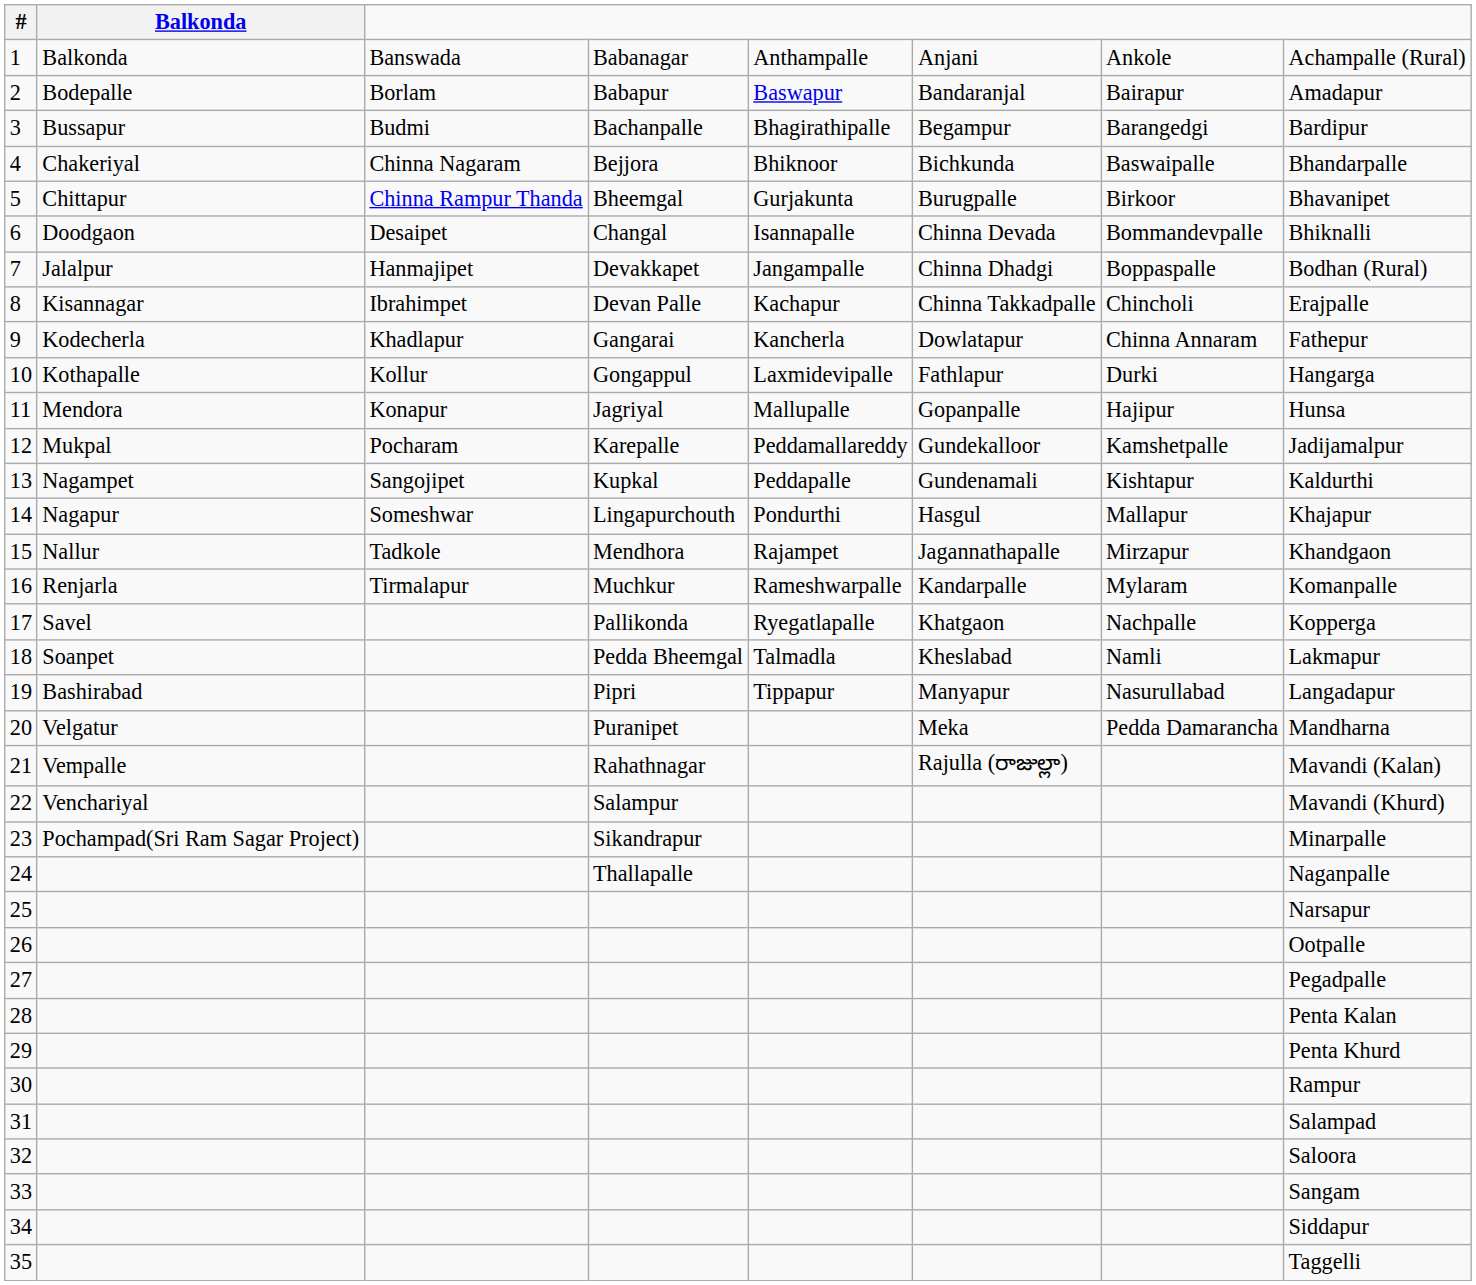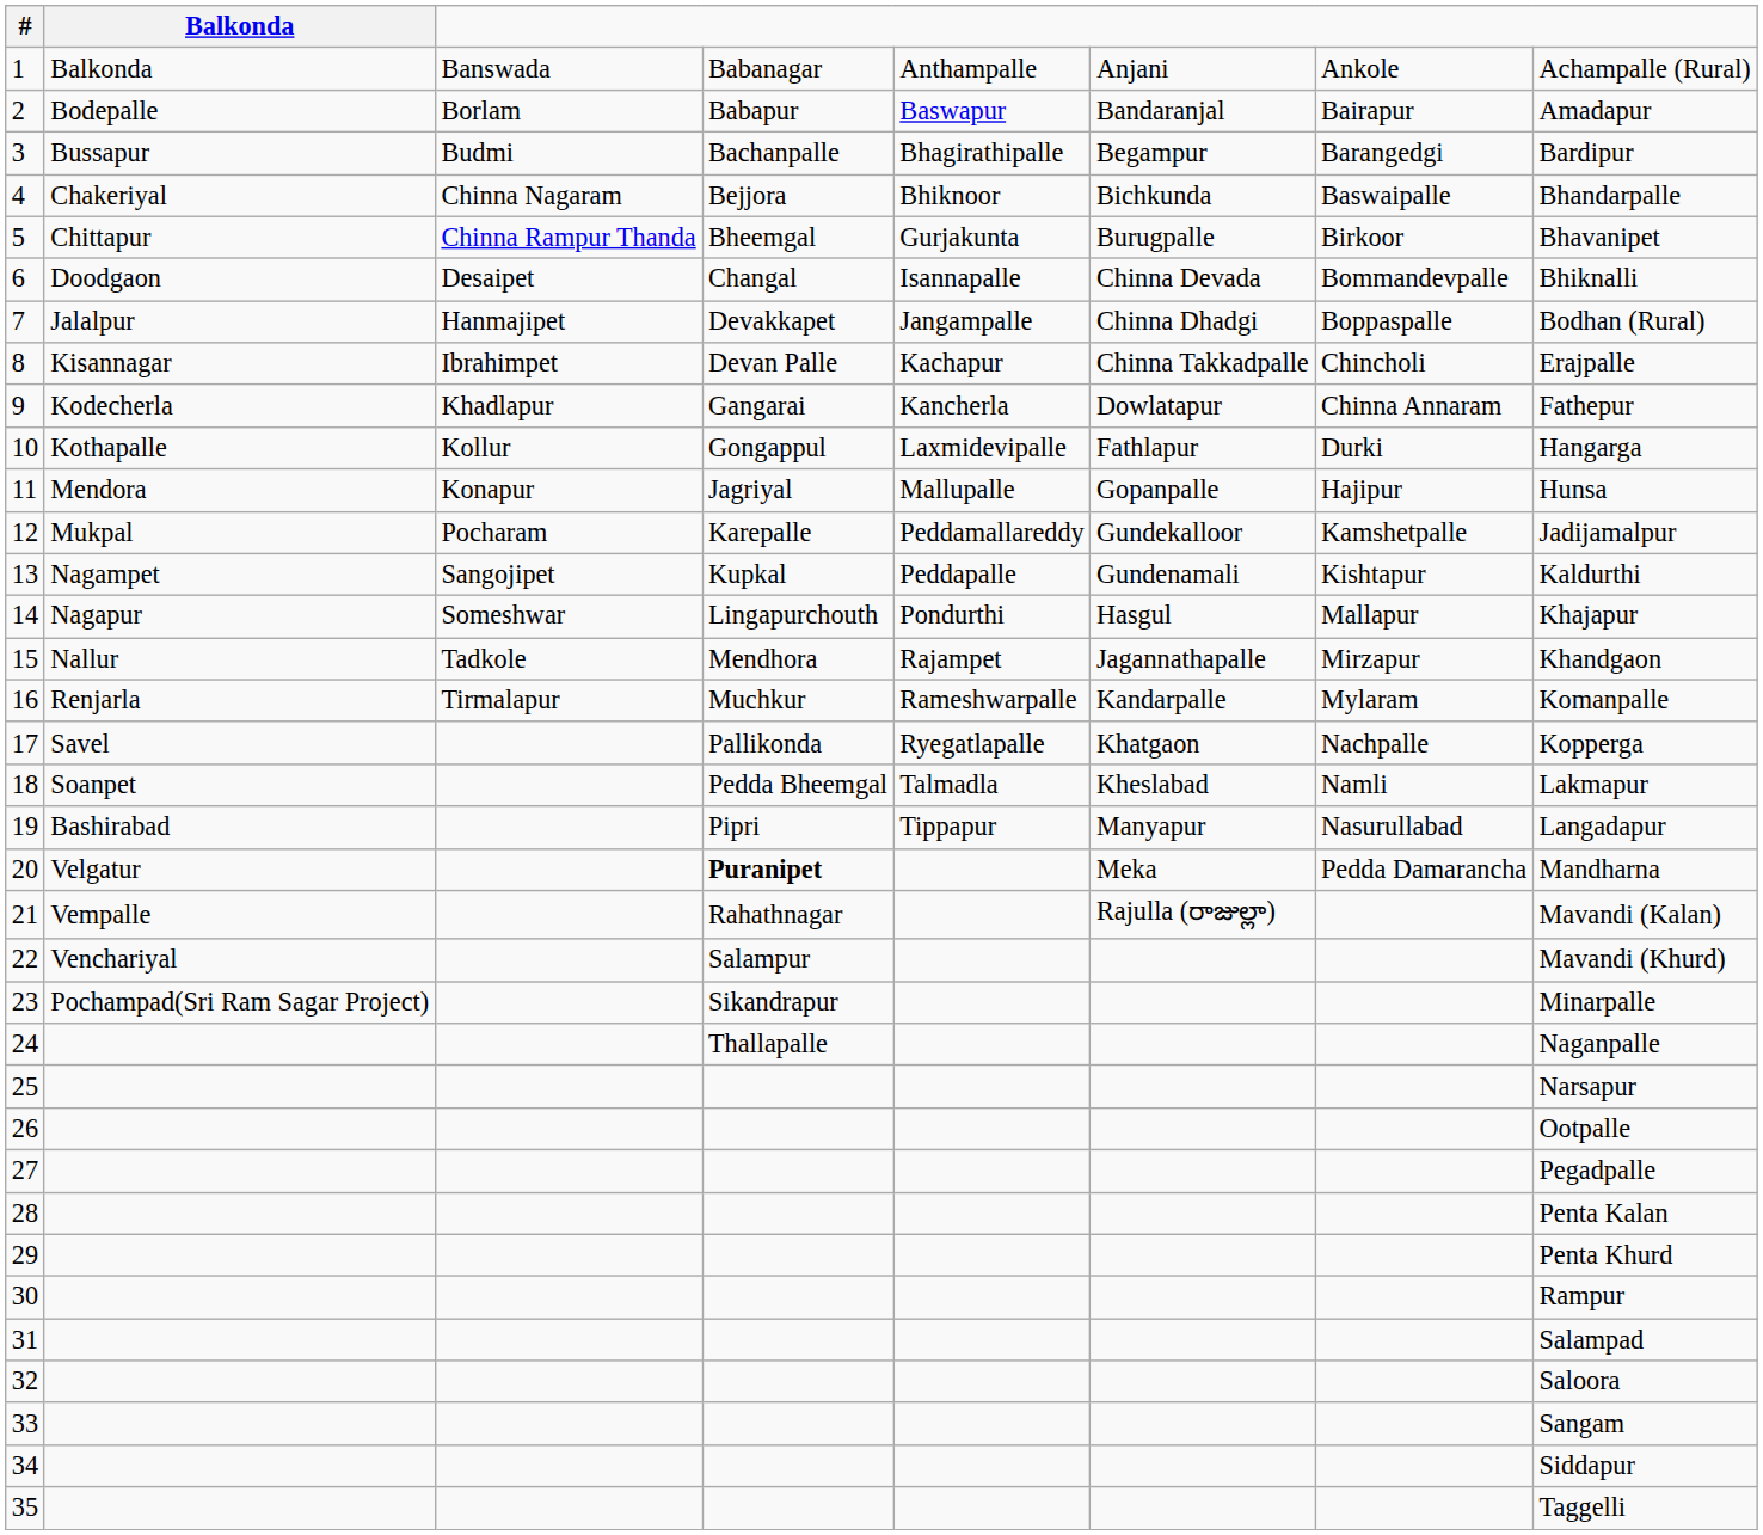 <table class="wikitable">
 <tr>
 <th>#</th>
 <th><a href='#'>Balkonda</a><br></th>
 </tr>
 <tr>
 <td>1</td>
 <td>Balkonda</td>
 <td>Banswada</td>
 <td>Babanagar</td>
 <td>Anthampalle</td>
 <td>Anjani</td>
 <td>Ankole</td>
 <td>Achampalle (Rural)</td>
 </tr>
 <tr>
 <td>2</td>
 <td>Bodepalle</td>
 <td>Borlam</td>
 <td>Babapur</td>
 <td><a href='#'>Baswapur</a></td>
 <td>Bandaranjal</td>
 <td>Bairapur</td>
 <td>Amadapur</td>
 </tr>
 <tr>
 <td>3</td>
 <td>Bussapur</td>
 <td>Budmi</td>
 <td>Bachanpalle</td>
 <td>Bhagirathipalle</td>
 <td>Begampur</td>
 <td>Barangedgi</td>
 <td>Bardipur</td>
 </tr>
 <tr>
 <td>4</td>
 <td>Chakeriyal</td>
 <td>Chinna Nagaram</td>
 <td>Bejjora</td>
 <td>Bhiknoor</td>
 <td>Bichkunda</td>
 <td>Baswaipalle</td>
 <td>Bhandarpalle</td>
 </tr>
 <tr>
 <td>5</td>
 <td>Chittapur</td>
 <td><a href='#'>Chinna Rampur Thanda</a></td>
 <td>Bheemgal</td>
 <td>Gurjakunta</td>
 <td>Burugpalle</td>
 <td>Birkoor</td>
 <td>Bhavanipet</td>
 </tr>
 <tr>
 <td>6</td>
 <td>Doodgaon</td>
 <td>Desaipet</td>
 <td>Changal</td>
 <td>Isannapalle</td>
 <td>Chinna Devada</td>
 <td>Bommandevpalle</td>
 <td>Bhiknalli</td>
 </tr>
 <tr>
 <td>7</td>
 <td>Jalalpur</td>
 <td>Hanmajipet</td>
 <td>Devakkapet</td>
 <td>Jangampalle</td>
 <td>Chinna Dhadgi</td>
 <td>Boppaspalle</td>
 <td>Bodhan (Rural)</td>
 </tr>
 <tr>
 <td>8</td>
 <td>Kisannagar</td>
 <td>Ibrahimpet</td>
 <td>Devan Palle</td>
 <td>Kachapur</td>
 <td>Chinna Takkadpalle</td>
 <td>Chincholi</td>
 <td>Erajpalle</td>
 </tr>
 <tr>
 <td>9</td>
 <td>Kodecherla</td>
 <td>Khadlapur</td>
 <td>Gangarai</td>
 <td>Kancherla</td>
 <td>Dowlatapur</td>
 <td>Chinna Annaram</td>
 <td>Fathepur</td>
 </tr>
 <tr>
 <td>10</td>
 <td>Kothapalle</td>
 <td>Kollur</td>
 <td>Gongappul</td>
 <td>Laxmidevipalle</td>
 <td>Fathlapur</td>
 <td>Durki</td>
 <td>Hangarga</td>
 </tr>
 <tr>
 <td>11</td>
 <td>Mendora</td>
 <td>Konapur</td>
 <td>Jagriyal</td>
 <td>Mallupalle</td>
 <td>Gopanpalle</td>
 <td>Hajipur</td>
 <td>Hunsa</td>
 </tr>
 <tr>
 <td>12</td>
 <td>Mukpal</td>
 <td>Pocharam</td>
 <td>Karepalle</td>
 <td>Peddamallareddy</td>
 <td>Gundekalloor</td>
 <td>Kamshetpalle</td>
 <td>Jadijamalpur</td>
 </tr>
 <tr>
 <td>13</td>
 <td>Nagampet</td>
 <td>Sangojipet</td>
 <td>Kupkal</td>
 <td>Peddapalle</td>
 <td>Gundenamali</td>
 <td>Kishtapur</td>
 <td>Kaldurthi</td>
 </tr>
 <tr>
 <td>14</td>
 <td>Nagapur</td>
 <td>Someshwar</td>
 <td>Lingapurchouth</td>
 <td>Pondurthi</td>
 <td>Hasgul</td>
 <td>Mallapur</td>
 <td>Khajapur</td>
 </tr>
 <tr>
 <td>15</td>
 <td>Nallur</td>
 <td>Tadkole</td>
 <td>Mendhora</td>
 <td>Rajampet</td>
 <td>Jagannathapalle</td>
 <td>Mirzapur</td>
 <td>Khandgaon</td>
 </tr>
 <tr>
 <td>16</td>
 <td>Renjarla</td>
 <td>Tirmalapur</td>
 <td>Muchkur</td>
 <td>Rameshwarpalle</td>
 <td>Kandarpalle</td>
 <td>Mylaram</td>
 <td>Komanpalle</td>
 </tr>
 <tr>
 <td>17</td>
 <td>Savel</td>
 <td></td>
 <td>Pallikonda</td>
 <td>Ryegatlapalle</td>
 <td>Khatgaon</td>
 <td>Nachpalle</td>
 <td>Kopperga</td>
 </tr>
 <tr>
 <td>18</td>
 <td>Soanpet</td>
 <td></td>
 <td>Pedda Bheemgal</td>
 <td>Talmadla</td>
 <td>Kheslabad</td>
 <td>Namli</td>
 <td>Lakmapur</td>
 </tr>
 <tr>
 <td>19</td>
 <td>Bashirabad</td>
 <td></td>
 <td>Pipri</td>
 <td>Tippapur</td>
 <td>Manyapur</td>
 <td>Nasurullabad</td>
 <td>Langadapur</td>
 </tr>
 <tr>
 <td>20</td>
 <td>Velgatur</td>
 <td></td>
-<td>Puranipet</td>
+<td><strong>Puranipet</strong></td>
 <td></td>
 <td>Meka</td>
 <td>Pedda Damarancha</td>
 <td>Mandharna</td>
 </tr>
 <tr>
 <td>21</td>
 <td>Vempalle</td>
 <td></td>
 <td>Rahathnagar</td>
 <td></td>
 <td>Rajulla (రాజుల్లా)</td>
 <td></td>
 <td>Mavandi (Kalan)</td>
 </tr>
 <tr>
 <td>22</td>
 <td>Venchariyal</td>
 <td></td>
 <td>Salampur</td>
 <td></td>
 <td></td>
 <td></td>
 <td>Mavandi (Khurd)</td>
 </tr>
 <tr>
 <td>23</td>
 <td>Pochampad(Sri Ram Sagar Project)</td>
 <td></td>
 <td>Sikandrapur</td>
 <td></td>
 <td></td>
 <td></td>
 <td>Minarpalle</td>
 </tr>
 <tr>
 <td>24</td>
 <td></td>
 <td></td>
 <td>Thallapalle</td>
 <td></td>
 <td></td>
 <td></td>
 <td>Naganpalle</td>
 </tr>
 <tr>
 <td>25</td>
 <td></td>
 <td></td>
 <td></td>
 <td></td>
 <td></td>
 <td></td>
 <td>Narsapur</td>
 </tr>
 <tr>
 <td>26</td>
 <td></td>
 <td></td>
 <td></td>
 <td></td>
 <td></td>
 <td></td>
 <td>Ootpalle</td>
 </tr>
 <tr>
 <td>27</td>
 <td></td>
 <td></td>
 <td></td>
 <td></td>
 <td></td>
 <td></td>
 <td>Pegadpalle</td>
 </tr>
 <tr>
 <td>28</td>
 <td></td>
 <td></td>
 <td></td>
 <td></td>
 <td></td>
 <td></td>
 <td>Penta Kalan</td>
 </tr>
 <tr>
 <td>29</td>
 <td></td>
 <td></td>
 <td></td>
 <td></td>
 <td></td>
 <td></td>
 <td>Penta Khurd</td>
 </tr>
 <tr>
 <td>30</td>
 <td></td>
 <td></td>
 <td></td>
 <td></td>
 <td></td>
 <td></td>
 <td>Rampur</td>
 </tr>
 <tr>
 <td>31</td>
 <td></td>
 <td></td>
 <td></td>
 <td></td>
 <td></td>
 <td></td>
 <td>Salampad</td>
 </tr>
 <tr>
 <td>32</td>
 <td></td>
 <td></td>
 <td></td>
 <td></td>
 <td></td>
 <td></td>
 <td>Saloora</td>
 </tr>
 <tr>
 <td>33</td>
 <td></td>
 <td></td>
 <td></td>
 <td></td>
 <td></td>
 <td></td>
 <td>Sangam</td>
 </tr>
 <tr>
 <td>34</td>
 <td></td>
 <td></td>
 <td></td>
 <td></td>
 <td></td>
 <td></td>
 <td>Siddapur</td>
 </tr>
 <tr>
 <td>35</td>
 <td></td>
 <td></td>
 <td></td>
 <td></td>
 <td></td>
 <td></td>
 <td>Taggelli</td>
 </tr>
 </table>
